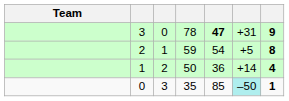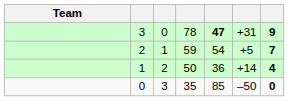 <table class="wikitable" style="text-align:center;">
 <tr>
 <th style="width:10.5em;">Team</th>
 <th style="width:1.5em;"></th>
 <th style="width:1.5em;"></th>
 <th style="width:2.0em;"></th>
 <th style="width:2.0em;"></th>
 <th style="width:2.0em;"></th>
 <th style="width:1.5em;"></th>
 </tr>
 <tr bgcolor=#cfc>
 <td align="left"></td>
 <td>3</td>
 <td>0</td>
 <td>78</td>
 <td><strong>47</strong></td>
 <td>+31</td>
 <td><strong>9</strong></td>
 </tr>
 <tr bgcolor=#cfc>
 <td align="left"></td>
 <td>2</td>
 <td>1</td>
 <td>59</td>
 <td>54</td>
 <td>+5</td>
-<td><strong>8</strong></td>
+<td><strong>7</strong></td>
 </tr>
 <tr bgcolor=#cfc>
 <td align="left"></td>
 <td>1</td>
 <td>2</td>
 <td>50</td>
 <td>36</td>
 <td>+14</td>
 <td><strong>4</strong></td>
 </tr>
 <tr>
 <td align="left"></td>
 <td>0</td>
 <td>3</td>
 <td>35</td>
 <td>85</td>
-<td style="background: paleturquoise;">–50</td>
-<td><strong>1</strong></td>
+<td>–50</td>
+<td><strong>0</strong></td>
 </tr>
 </table>
